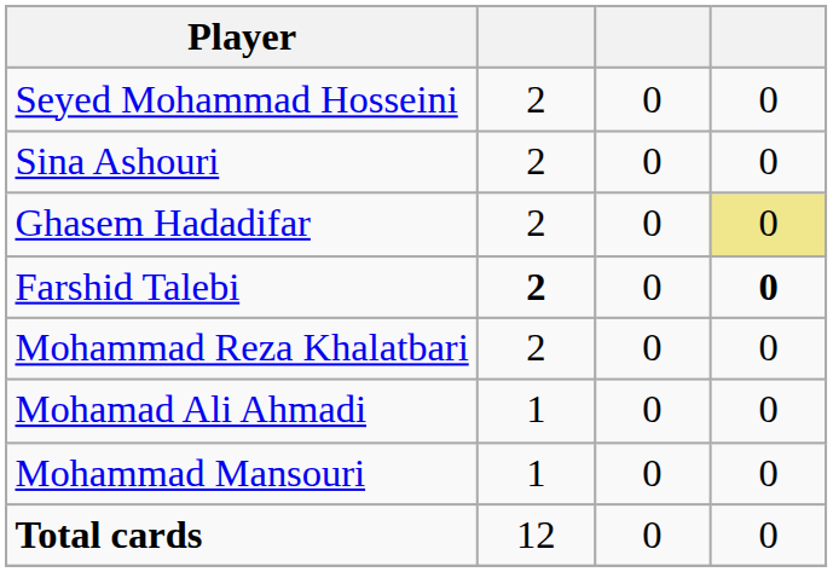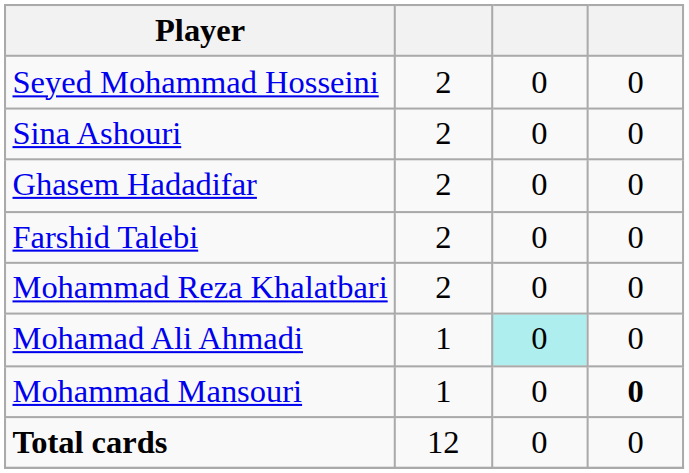 <table class="wikitable" style="text-align: center;">
 <tr>
 <th wight=200>Player</th>
 <th width=40></th>
 <th width=40></th>
 <th width=40></th>
 </tr>
 <tr>
 <td style="text-align:left"> <a href='#'>Seyed Mohammad Hosseini</a></td>
 <td>2</td>
 <td>0</td>
 <td>0</td>
 </tr>
 <tr>
 <td style="text-align:left"> <a href='#'>Sina Ashouri</a></td>
 <td>2</td>
 <td>0</td>
 <td>0</td>
 </tr>
 <tr>
 <td style="text-align:left"> <a href='#'>Ghasem Hadadifar</a></td>
 <td>2</td>
 <td>0</td>
-<td style="background: khaki;">0</td>
+<td>0</td>
 </tr>
 <tr>
 <td style="text-align:left"> <a href='#'>Farshid Talebi</a></td>
-<td><strong>2</strong></td>
+<td>2</td>
 <td>0</td>
-<td><strong>0</strong></td>
+<td>0</td>
 </tr>
 <tr>
 <td style="text-align:left"> <a href='#'>Mohammad Reza Khalatbari</a></td>
 <td>2</td>
 <td>0</td>
 <td>0</td>
 </tr>
 <tr>
 <td style="text-align:left"> <a href='#'>Mohamad Ali Ahmadi</a></td>
 <td>1</td>
-<td>0</td>
+<td style="background: paleturquoise;">0</td>
 <td>0</td>
 </tr>
 <tr>
 <td style="text-align:left"> <a href='#'>Mohammad Mansouri</a></td>
 <td>1</td>
 <td>0</td>
-<td>0</td>
+<td><strong>0</strong></td>
 </tr>
 <tr>
 <td style="text-align:left"><strong>Total cards</strong></td>
 <td>12</td>
 <td>0</td>
 <td>0</td>
 </tr>
 <tr>
 </tr>
 </table>
